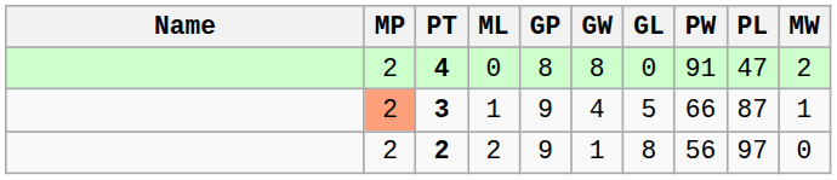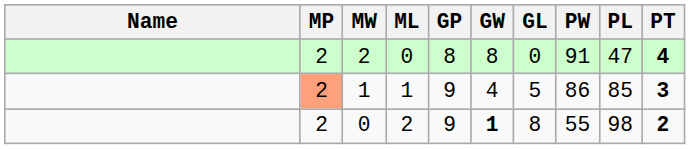 <table class=wikitable style="text-align:center">
 <tr>
 <th width=175>Name</th>
 <th width=20>MP</th>
-<th width=20>PT</th>
+<th width=20>MW</th>
 <th width=20>ML</th>
 <th width=20>GP</th>
 <th width=20>GW</th>
 <th width=20>GL</th>
 <th width=20>PW</th>
 <th width=20>PL</th>
-<th width=20>MW</th>
+<th width=20>PT</th>
 </tr>
 <tr style="background-color:#ccffcc;">
 <td style="text-align:left;"><strong></strong></td>
 <td>2</td>
-<td><strong>4</strong></td>
+<td>2</td>
 <td>0</td>
 <td>8</td>
 <td>8</td>
 <td>0</td>
 <td>91</td>
 <td>47</td>
-<td>2</td>
+<td><strong>4</strong></td>
 </tr>
 <tr>
 <td style="text-align:left;"></td>
 <td style="background: lightsalmon;">2</td>
-<td><strong>3</strong></td>
+<td>1</td>
 <td>1</td>
 <td>9</td>
 <td>4</td>
 <td>5</td>
-<td>66</td>
-<td>87</td>
-<td>1</td>
+<td>86</td>
+<td>85</td>
+<td><strong>3</strong></td>
 </tr>
 <tr>
 <td style="text-align:left;"></td>
 <td>2</td>
-<td><strong>2</strong></td>
+<td>0</td>
 <td>2</td>
 <td>9</td>
-<td>1</td>
+<td><strong>1</strong></td>
 <td>8</td>
-<td>56</td>
-<td>97</td>
-<td>0</td>
+<td>55</td>
+<td>98</td>
+<td><strong>2</strong></td>
 </tr>
 </table>
